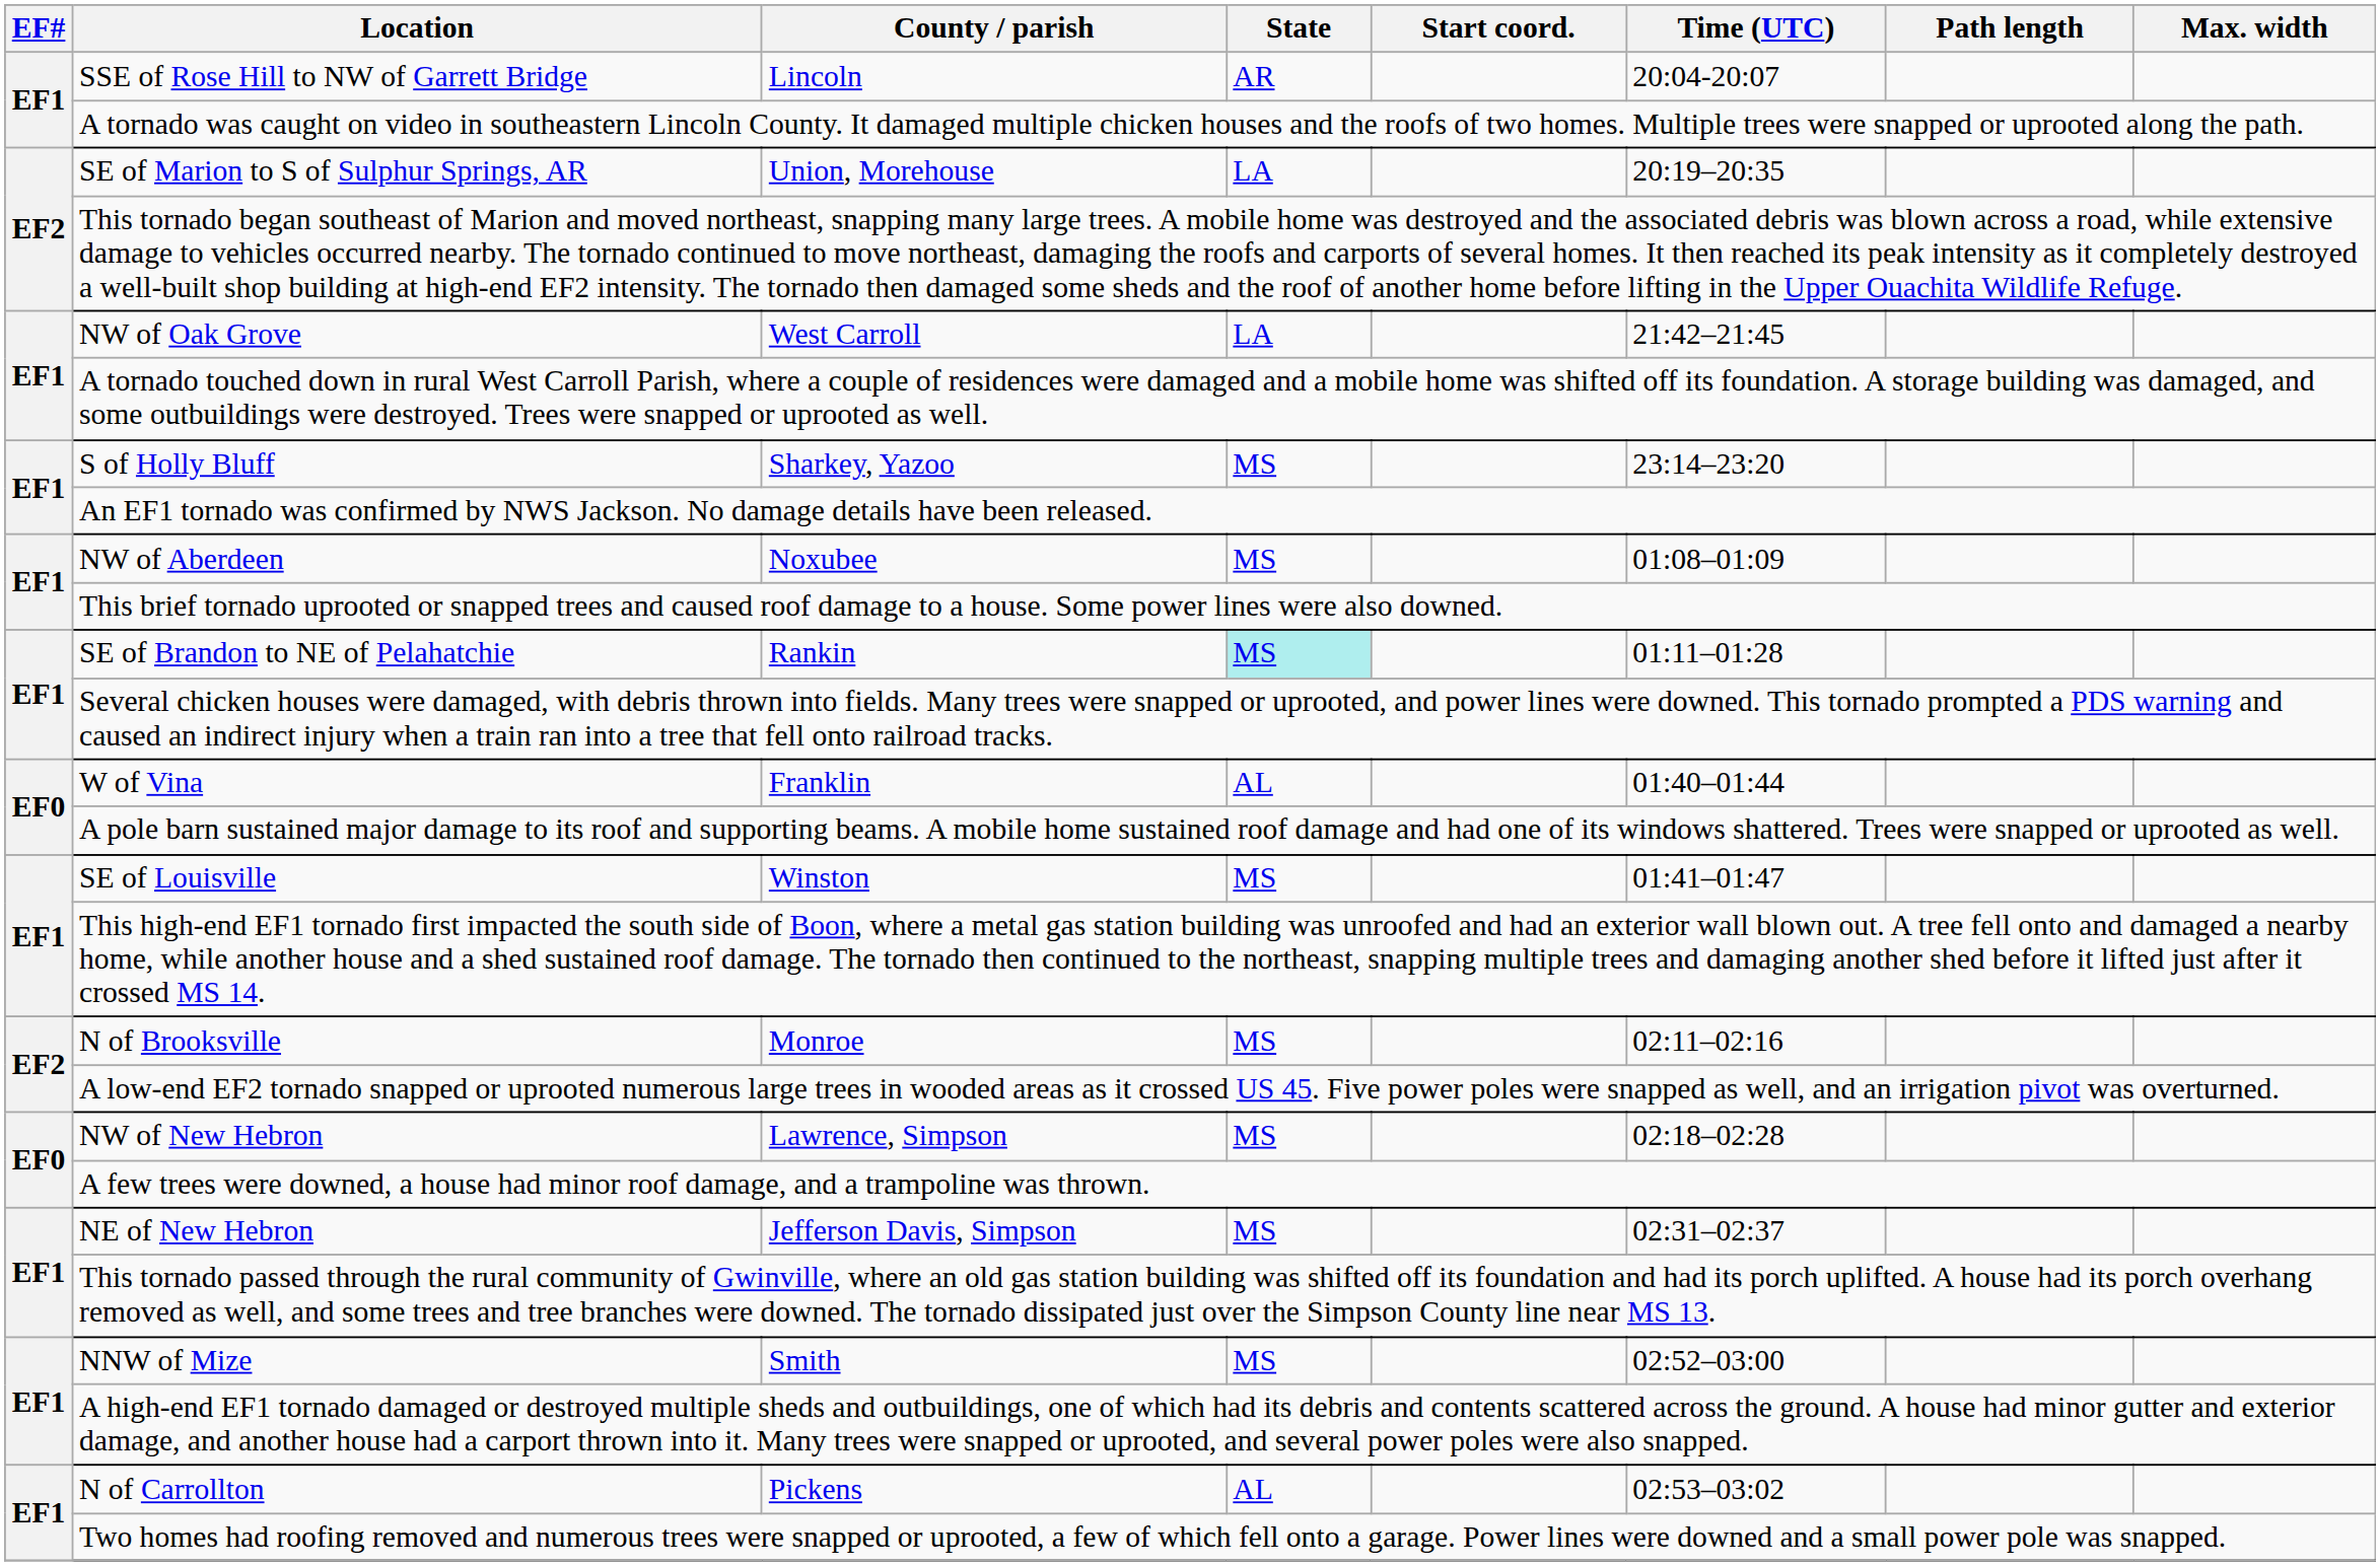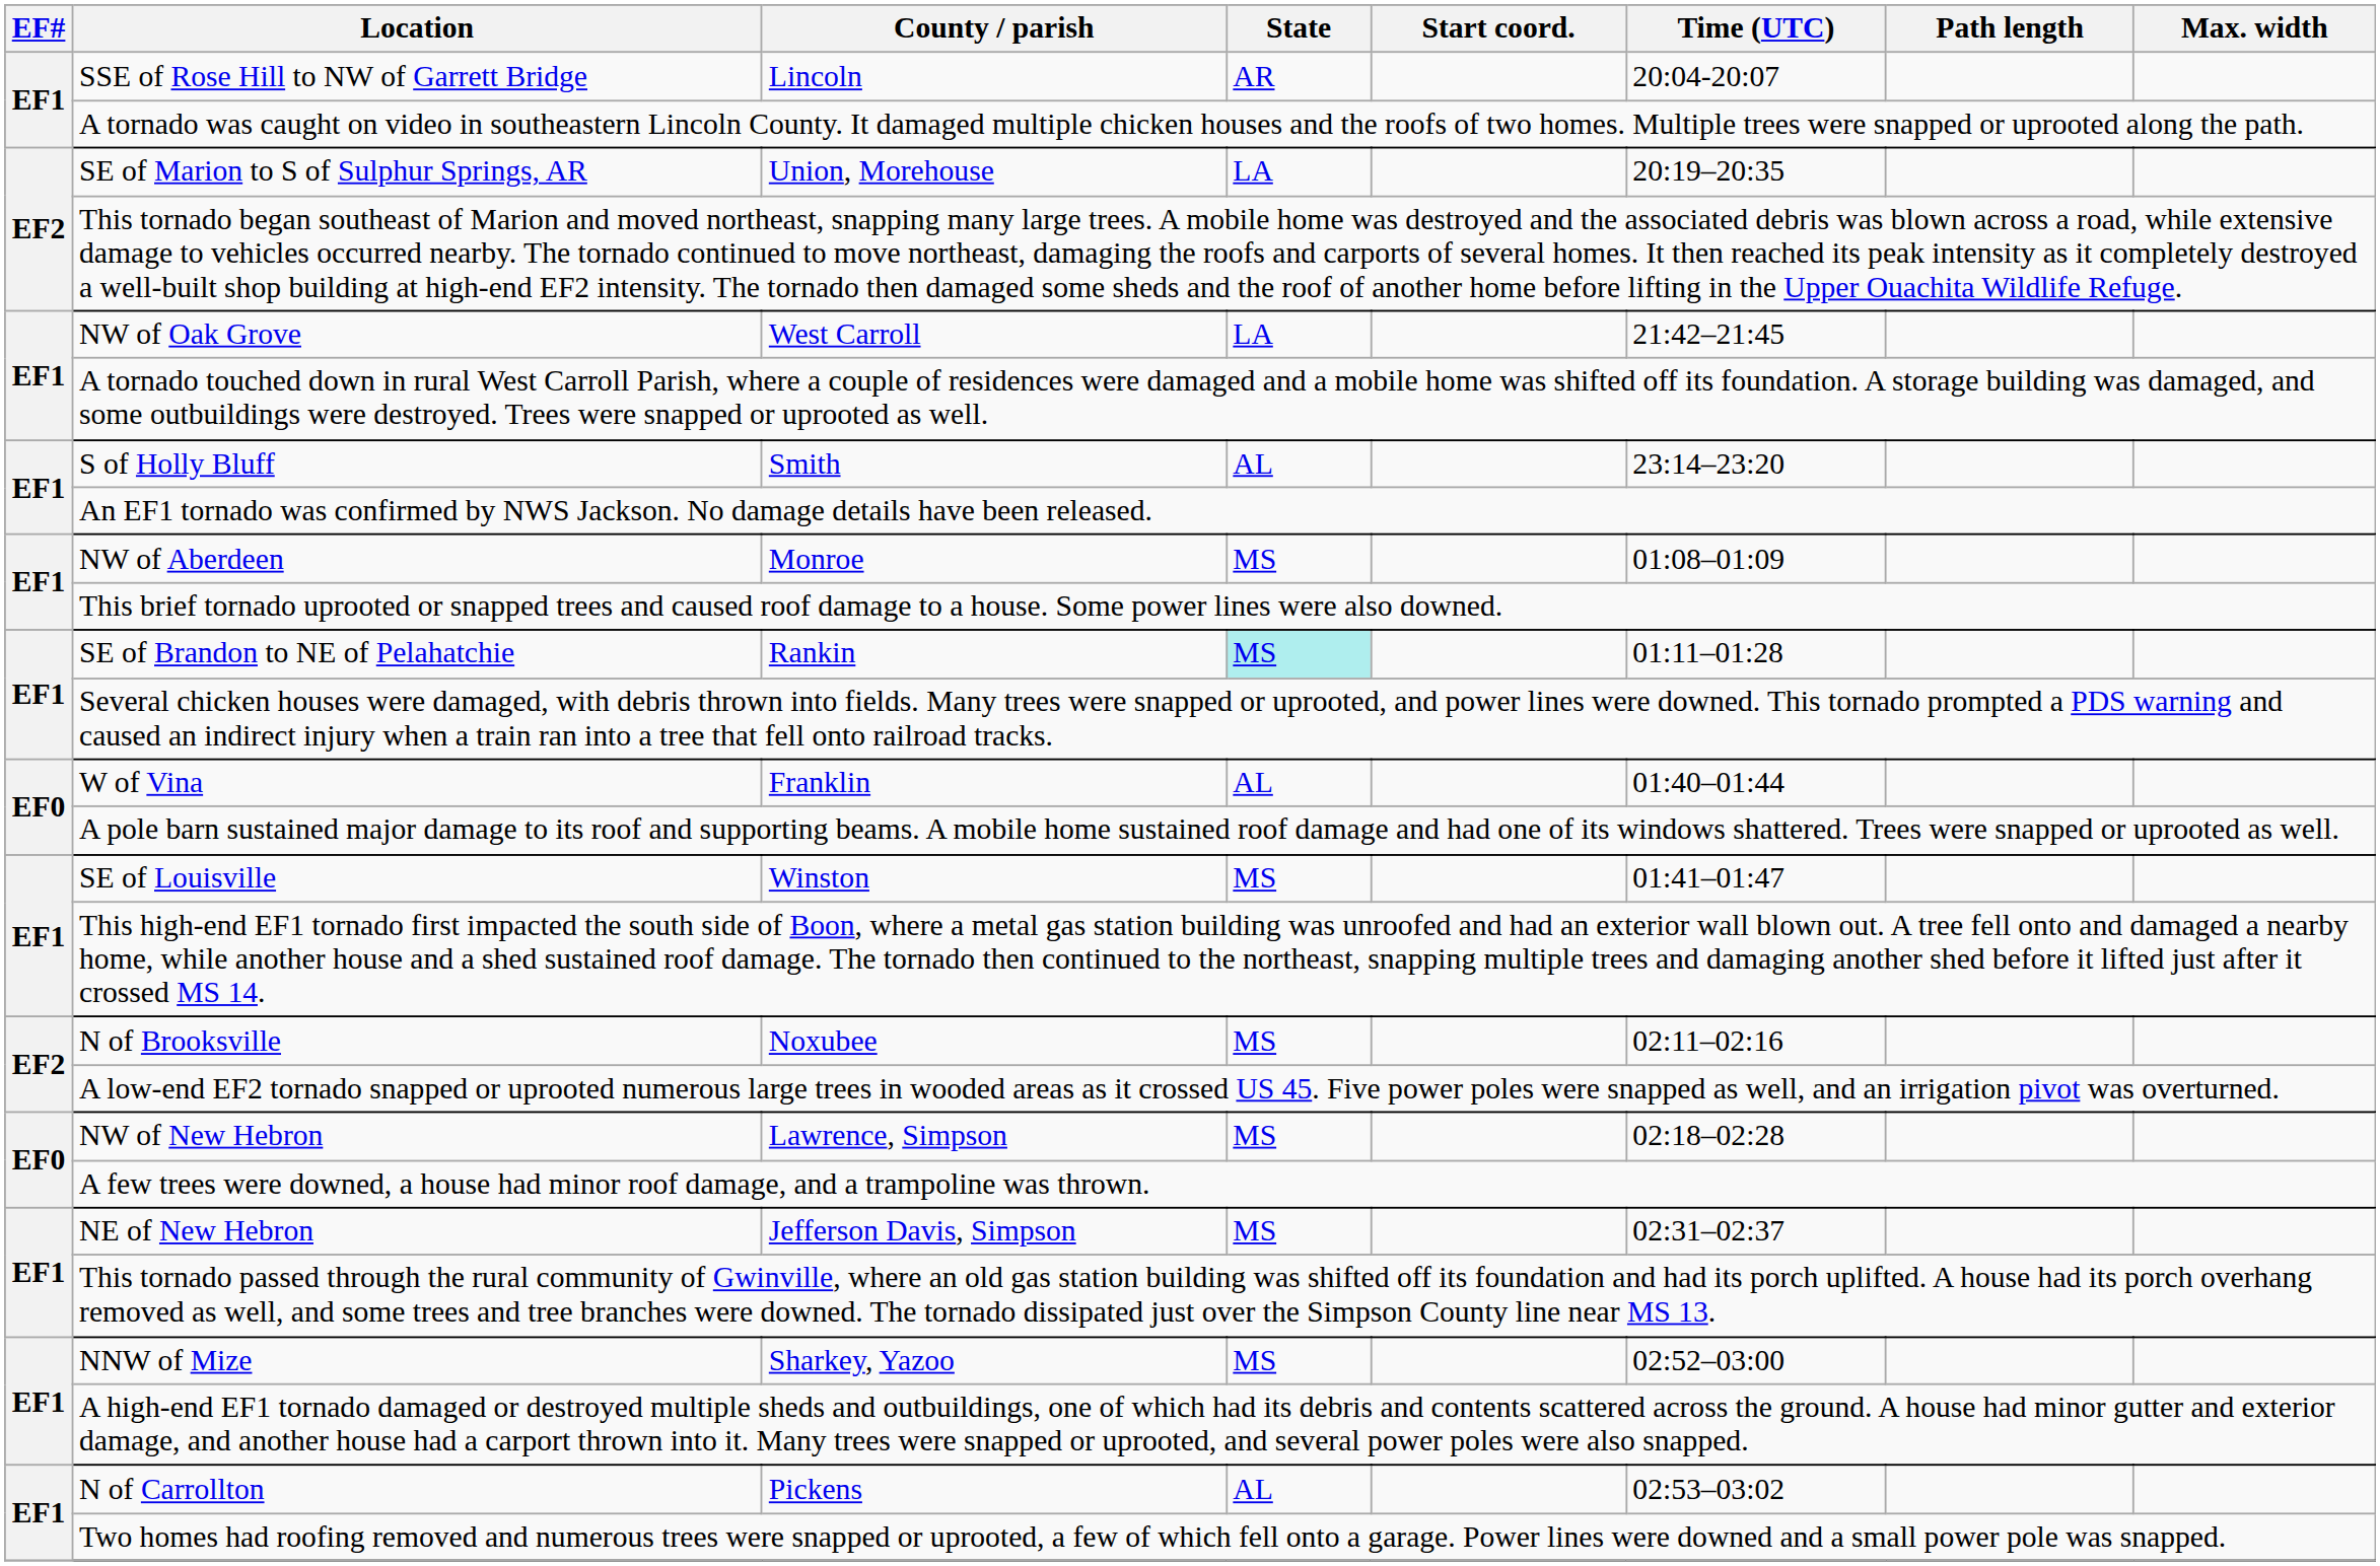 <table class="wikitable sortable" style="width:100%;">
 <tr>
 <th scope="col" width="2%" align="center"><a href='#'>EF#</a></th>
 <th scope="col" align="center" class="unsortable">Location</th>
 <th scope="col" align="center" class="unsortable">County / parish</th>
 <th scope="col" align="center">State</th>
 <th scope="col" align="center">Start coord.</th>
 <th scope="col" align="center">Time (<a href='#'>UTC</a>)</th>
 <th scope="col" align="center">Path length</th>
 <th scope="col" align="center">Max. width</th>
 </tr>
 <tr>
 <th scope="row" rowspan="2" style="background-color:#">EF1</th>
 <td>SSE of <a href='#'>Rose Hill</a> to NW of <a href='#'>Garrett Bridge</a></td>
 <td><a href='#'>Lincoln</a></td>
 <td><a href='#'>AR</a></td>
 <td></td>
 <td>20:04-20:07</td>
 <td></td>
 <td></td>
 </tr>
 <tr class="expand-child">
 <td colspan="8" style=" border-bottom: 1px solid black;">A tornado was caught on video in southeastern Lincoln County. It damaged multiple chicken houses and the roofs of two homes. Multiple trees were snapped or uprooted along the path.</td>
 </tr>
 <tr>
 <th scope="row" rowspan="2" style="background-color:#">EF2</th>
 <td>SE of <a href='#'>Marion</a> to S of <a href='#'>Sulphur Springs, AR</a></td>
 <td><a href='#'>Union</a>, <a href='#'>Morehouse</a></td>
 <td><a href='#'>LA</a></td>
 <td></td>
 <td>20:19–20:35</td>
 <td></td>
 <td></td>
 </tr>
 <tr class="expand-child">
 <td colspan="8" style=" border-bottom: 1px solid black;">This tornado began southeast of Marion and moved northeast, snapping many large trees. A mobile home was destroyed and the associated debris was blown across a road, while extensive damage to vehicles occurred nearby. The tornado continued to move northeast, damaging the roofs and carports of several homes. It then reached its peak intensity as it completely destroyed a well-built shop building at high-end EF2 intensity. The tornado then damaged some sheds and the roof of another home before lifting in the <a href='#'>Upper Ouachita Wildlife Refuge</a>.</td>
 </tr>
 <tr>
 <th scope="row" rowspan="2" style="background-color:#">EF1</th>
 <td>NW of <a href='#'>Oak Grove</a></td>
 <td><a href='#'>West Carroll</a></td>
 <td><a href='#'>LA</a></td>
 <td></td>
 <td>21:42–21:45</td>
 <td></td>
 <td></td>
 </tr>
 <tr class="expand-child">
 <td colspan="8" style=" border-bottom: 1px solid black;">A tornado touched down in rural West Carroll Parish, where a couple of residences were damaged and a mobile home was shifted off its foundation. A storage building was damaged, and some outbuildings were destroyed. Trees were snapped or uprooted as well.</td>
 </tr>
 <tr>
 <th scope="row" rowspan="2" style="background-color:#">EF1</th>
 <td>S of <a href='#'>Holly Bluff</a></td>
-<td><a href='#'>Sharkey</a>, <a href='#'>Yazoo</a></td>
-<td><a href='#'>MS</a></td>
+<td><a href='#'>Smith</a></td>
+<td><a href='#'>AL</a></td>
 <td></td>
 <td>23:14–23:20</td>
 <td></td>
 <td></td>
 </tr>
 <tr class="expand-child">
 <td colspan="8" style=" border-bottom: 1px solid black;">An EF1 tornado was confirmed by NWS Jackson. No damage details have been released.</td>
 </tr>
 <tr>
 <th scope="row" rowspan="2" style="background-color:#">EF1</th>
 <td>NW of <a href='#'>Aberdeen</a></td>
-<td><a href='#'>Noxubee</a></td>
+<td><a href='#'>Monroe</a></td>
 <td><a href='#'>MS</a></td>
 <td></td>
 <td>01:08–01:09</td>
 <td></td>
 <td></td>
 </tr>
 <tr class="expand-child">
 <td colspan="8" style=" border-bottom: 1px solid black;">This brief tornado uprooted or snapped trees and caused roof damage to a house. Some power lines were also downed.</td>
 </tr>
 <tr>
 <th scope="row" rowspan="2" style="background-color:#">EF1</th>
 <td>SE of <a href='#'>Brandon</a> to NE of <a href='#'>Pelahatchie</a></td>
 <td><a href='#'>Rankin</a></td>
 <td style="background: paleturquoise;"><a href='#'>MS</a></td>
 <td></td>
 <td>01:11–01:28</td>
 <td></td>
 <td></td>
 </tr>
 <tr class="expand-child">
 <td colspan="8" style=" border-bottom: 1px solid black;">Several chicken houses were damaged, with debris thrown into fields. Many trees were snapped or uprooted, and power lines were downed. This tornado prompted a <a href='#'>PDS warning</a> and caused an indirect injury when a train ran into a tree that fell onto railroad tracks.</td>
 </tr>
 <tr>
 <th scope="row" rowspan="2" style="background-color:#">EF0</th>
 <td>W of <a href='#'>Vina</a></td>
 <td><a href='#'>Franklin</a></td>
 <td><a href='#'>AL</a></td>
 <td></td>
 <td>01:40–01:44</td>
 <td></td>
 <td></td>
 </tr>
 <tr class="expand-child">
 <td colspan="8" style=" border-bottom: 1px solid black;">A pole barn sustained major damage to its roof and supporting beams. A mobile home sustained roof damage and had one of its windows shattered. Trees were snapped or uprooted as well.</td>
 </tr>
 <tr>
 <th scope="row" rowspan="2" style="background-color:#">EF1</th>
 <td>SE of <a href='#'>Louisville</a></td>
 <td><a href='#'>Winston</a></td>
 <td><a href='#'>MS</a></td>
 <td></td>
 <td>01:41–01:47</td>
 <td></td>
 <td></td>
 </tr>
 <tr class="expand-child">
 <td colspan="8" style=" border-bottom: 1px solid black;">This high-end EF1 tornado first impacted the south side of <a href='#'>Boon</a>, where a metal gas station building was unroofed and had an exterior wall blown out. A tree fell onto and damaged a nearby home, while another house and a shed sustained roof damage. The tornado then continued to the northeast, snapping multiple trees and damaging another shed before it lifted just after it crossed <a href='#'>MS 14</a>.</td>
 </tr>
 <tr>
 <th scope="row" rowspan="2" style="background-color:#">EF2</th>
 <td>N of <a href='#'>Brooksville</a></td>
-<td><a href='#'>Monroe</a></td>
+<td><a href='#'>Noxubee</a></td>
 <td><a href='#'>MS</a></td>
 <td></td>
 <td>02:11–02:16</td>
 <td></td>
 <td></td>
 </tr>
 <tr class="expand-child">
 <td colspan="8" style=" border-bottom: 1px solid black;">A low-end EF2 tornado snapped or uprooted numerous large trees in wooded areas as it crossed <a href='#'>US 45</a>. Five power poles were snapped as well, and an irrigation <a href='#'>pivot</a> was overturned.</td>
 </tr>
 <tr>
 <th scope="row" rowspan="2" style="background-color:#">EF0</th>
 <td>NW of <a href='#'>New Hebron</a></td>
 <td><a href='#'>Lawrence</a>, <a href='#'>Simpson</a></td>
 <td><a href='#'>MS</a></td>
 <td></td>
 <td>02:18–02:28</td>
 <td></td>
 <td></td>
 </tr>
 <tr class="expand-child">
 <td colspan="8" style=" border-bottom: 1px solid black;">A few trees were downed, a house had minor roof damage, and a trampoline was thrown.</td>
 </tr>
 <tr>
 <th scope="row" rowspan="2" style="background-color:#">EF1</th>
 <td>NE of <a href='#'>New Hebron</a></td>
 <td><a href='#'>Jefferson Davis</a>, <a href='#'>Simpson</a></td>
 <td><a href='#'>MS</a></td>
 <td></td>
 <td>02:31–02:37</td>
 <td></td>
 <td></td>
 </tr>
 <tr class="expand-child">
 <td colspan="8" style=" border-bottom: 1px solid black;">This tornado passed through the rural community of <a href='#'>Gwinville</a>, where an old gas station building was shifted off its foundation and had its porch uplifted. A house had its porch overhang removed as well, and some trees and tree branches were downed. The tornado dissipated just over the Simpson County line near <a href='#'>MS 13</a>.</td>
 </tr>
 <tr>
 <th scope="row" rowspan="2" style="background-color:#">EF1</th>
 <td>NNW of <a href='#'>Mize</a></td>
-<td><a href='#'>Smith</a></td>
+<td><a href='#'>Sharkey</a>, <a href='#'>Yazoo</a></td>
 <td><a href='#'>MS</a></td>
 <td></td>
 <td>02:52–03:00</td>
 <td></td>
 <td></td>
 </tr>
 <tr class="expand-child">
 <td colspan="8" style=" border-bottom: 1px solid black;">A high-end EF1 tornado damaged or destroyed multiple sheds and outbuildings, one of which had its debris and contents scattered across the ground. A house had minor gutter and exterior damage, and another house had a carport thrown into it. Many trees were snapped or uprooted, and several power poles were also snapped.</td>
 </tr>
 <tr>
 <th scope="row" rowspan="2" style="background-color:#">EF1</th>
 <td>N of <a href='#'>Carrollton</a></td>
 <td><a href='#'>Pickens</a></td>
 <td><a href='#'>AL</a></td>
 <td></td>
 <td>02:53–03:02</td>
 <td></td>
 <td></td>
 </tr>
 <tr class="expand-child">
 <td colspan="8" style=" border-bottom: 1px solid black;">Two homes had roofing removed and numerous trees were snapped or uprooted, a few of which fell onto a garage. Power lines were downed and a small power pole was snapped.</td>
 </tr>
 <tr>
 </tr>
 </table>
